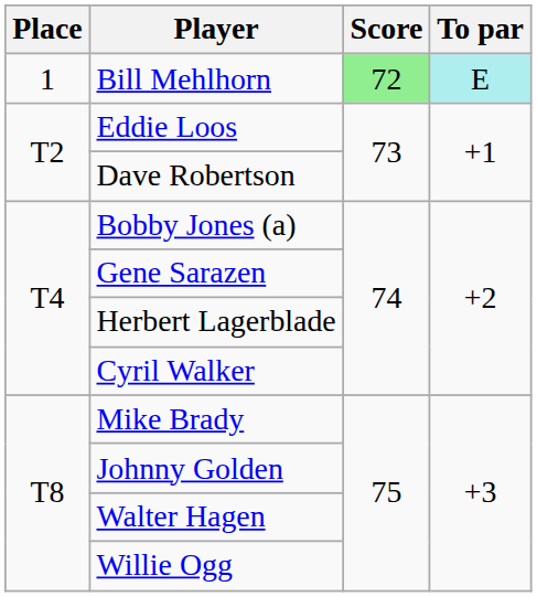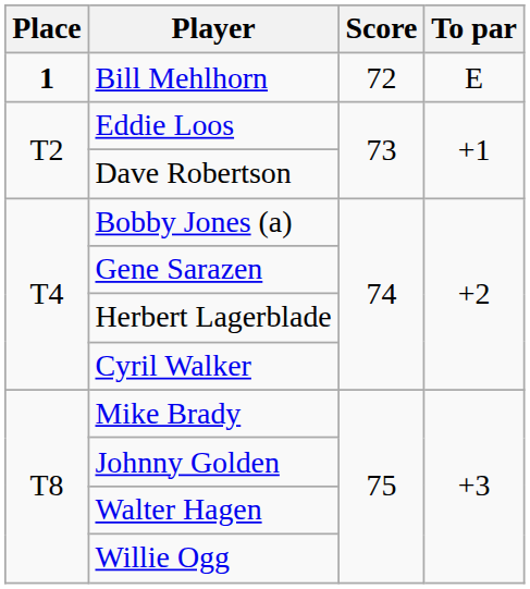 <table class=wikitable>
 <tr>
 <th>Place</th>
 <th>Player</th>
 <th>Score</th>
 <th>To par</th>
 </tr>
 <tr>
-<td align=center>1</td>
+<td align=center><strong>1</strong></td>
 <td> <a href='#'>Bill Mehlhorn</a></td>
-<td align=center style="background: lightgreen;">72</td>
-<td align=center style="background: paleturquoise;">E</td>
+<td align=center>72</td>
+<td align=center>E</td>
 </tr>
 <tr>
 <td rowspan=2 align=center>T2</td>
 <td> <a href='#'>Eddie Loos</a></td>
 <td rowspan=2 align=center>73</td>
 <td rowspan=2 align=center>+1</td>
 </tr>
 <tr>
 <td> Dave Robertson</td>
 </tr>
 <tr>
 <td rowspan=4 align=center>T4</td>
 <td> <a href='#'>Bobby Jones</a> (a)</td>
 <td rowspan=4 align=center>74</td>
 <td rowspan=4 align=center>+2</td>
 </tr>
 <tr>
 <td> <a href='#'>Gene Sarazen</a></td>
 </tr>
 <tr>
 <td> Herbert Lagerblade</td>
 </tr>
 <tr>
 <td> <a href='#'>Cyril Walker</a></td>
 </tr>
 <tr>
 <td rowspan=4 align=center>T8</td>
 <td> <a href='#'>Mike Brady</a></td>
 <td rowspan=4 align=center>75</td>
 <td rowspan=4 align=center>+3</td>
 </tr>
 <tr>
 <td> <a href='#'>Johnny Golden</a></td>
 </tr>
 <tr>
 <td> <a href='#'>Walter Hagen</a></td>
 </tr>
 <tr>
 <td> <a href='#'>Willie Ogg</a></td>
 </tr>
 </table>
